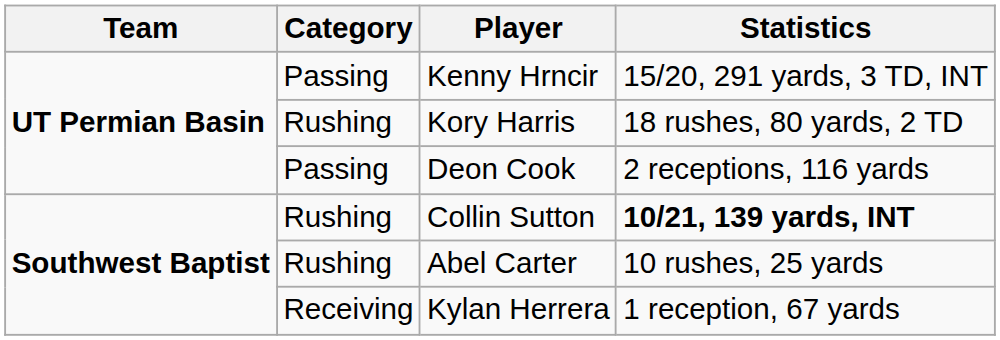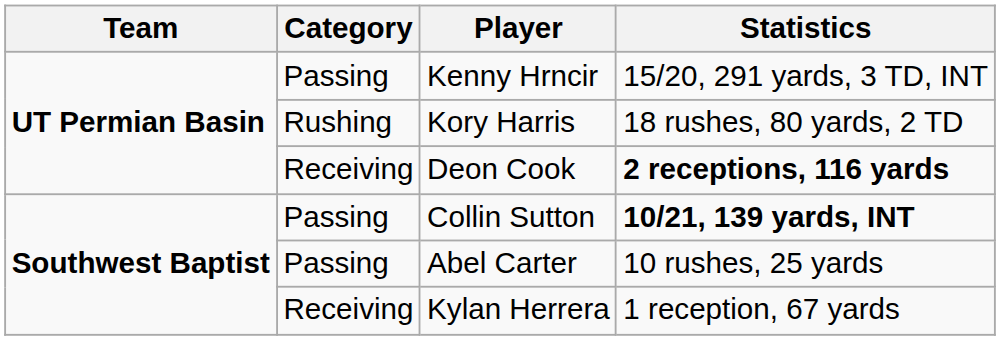 <table class="wikitable" style="float: right;">
 <tr>
 <th>Team</th>
 <th>Category</th>
 <th>Player</th>
 <th>Statistics</th>
 </tr>
 <tr>
 <td rowspan=3><strong>UT Permian Basin</strong></td>
 <td>Passing</td>
 <td>Kenny Hrncir</td>
 <td>15/20, 291 yards, 3 TD, INT</td>
 </tr>
 <tr>
 <td>Rushing</td>
 <td>Kory Harris</td>
 <td>18 rushes, 80 yards, 2 TD</td>
 </tr>
 <tr>
-<td>Passing</td>
+<td>Receiving</td>
 <td>Deon Cook</td>
-<td>2 receptions, 116 yards</td>
+<td><strong>2 receptions, 116 yards</strong></td>
 </tr>
 <tr>
 <td rowspan=3><strong>Southwest Baptist</strong></td>
-<td>Rushing</td>
+<td>Passing</td>
 <td>Collin Sutton</td>
 <td><strong>10/21, 139 yards, INT</strong></td>
 </tr>
 <tr>
-<td>Rushing</td>
+<td>Passing</td>
 <td>Abel Carter</td>
 <td>10 rushes, 25 yards</td>
 </tr>
 <tr>
 <td>Receiving</td>
 <td>Kylan Herrera</td>
 <td>1 reception, 67 yards</td>
 </tr>
 </table>
